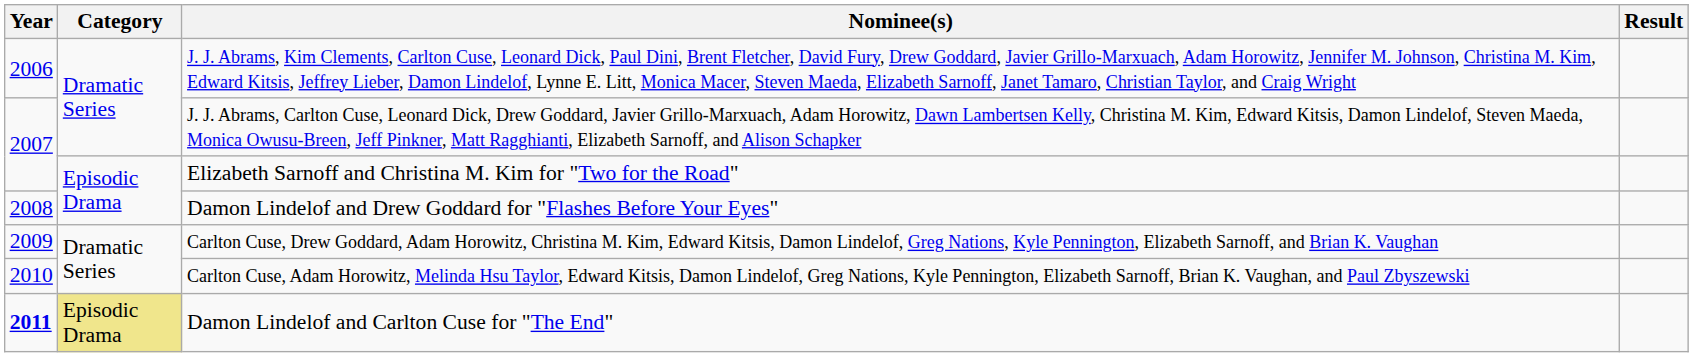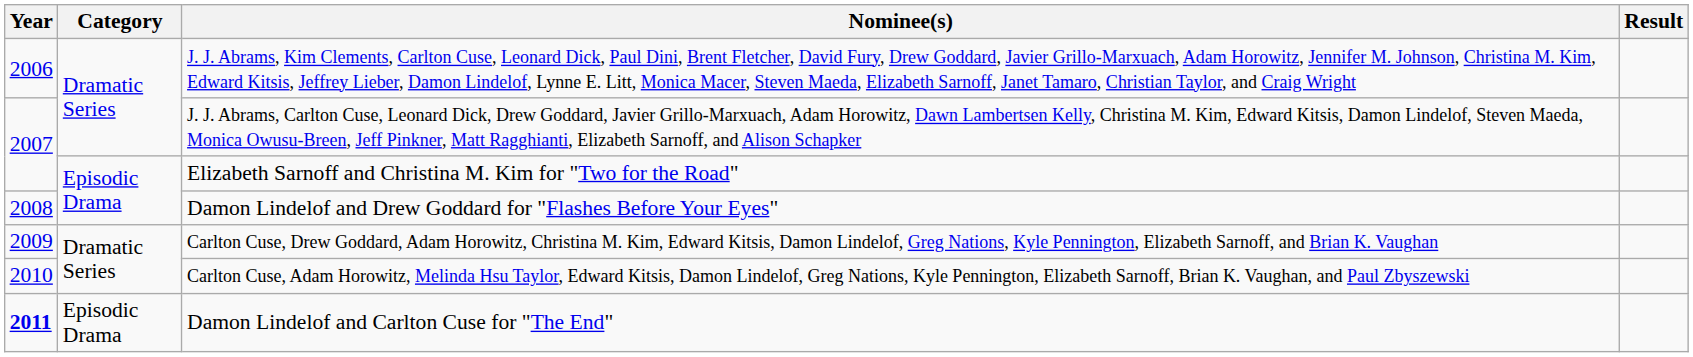 <table class="wikitable">
 <tr>
 <th>Year</th>
 <th>Category</th>
 <th>Nominee(s)</th>
 <th>Result</th>
 </tr>
 <tr>
 <td><a href='#'>2006</a></td>
 <td rowspan=2><a href='#'>Dramatic Series</a></td>
 <td><small><a href='#'>J. J. Abrams</a>, <a href='#'>Kim Clements</a>, <a href='#'>Carlton Cuse</a>, <a href='#'>Leonard Dick</a>, <a href='#'>Paul Dini</a>, <a href='#'>Brent Fletcher</a>, <a href='#'>David Fury</a>, <a href='#'>Drew Goddard</a>, <a href='#'>Javier Grillo-Marxuach</a>, <a href='#'>Adam Horowitz</a>, <a href='#'>Jennifer M. Johnson</a>, <a href='#'>Christina M. Kim</a>, <a href='#'>Edward Kitsis</a>, <a href='#'>Jeffrey Lieber</a>, <a href='#'>Damon Lindelof</a>, Lynne E. Litt, <a href='#'>Monica Macer</a>, <a href='#'>Steven Maeda</a>, <a href='#'>Elizabeth Sarnoff</a>, <a href='#'>Janet Tamaro</a>, <a href='#'>Christian Taylor</a>, and <a href='#'>Craig Wright</a></small></td>
 <td></td>
 </tr>
 <tr>
 <td rowspan=2><a href='#'>2007</a></td>
 <td><small>J. J. Abrams, Carlton Cuse, Leonard Dick, Drew Goddard, Javier Grillo-Marxuach, Adam Horowitz, <a href='#'>Dawn Lambertsen Kelly</a>, Christina M. Kim, Edward Kitsis, Damon Lindelof, Steven Maeda, <a href='#'>Monica Owusu-Breen</a>, <a href='#'>Jeff Pinkner</a>, <a href='#'>Matt Ragghianti</a>, Elizabeth Sarnoff, and <a href='#'>Alison Schapker</a></small></td>
 <td></td>
 </tr>
 <tr>
 <td rowspan=2><a href='#'>Episodic Drama</a></td>
 <td>Elizabeth Sarnoff and Christina M. Kim for "<a href='#'>Two for the Road</a>"</td>
 <td></td>
 </tr>
 <tr>
 <td><a href='#'>2008</a></td>
 <td>Damon Lindelof and Drew Goddard for "<a href='#'>Flashes Before Your Eyes</a>"</td>
 <td></td>
 </tr>
 <tr>
 <td><a href='#'>2009</a></td>
 <td rowspan=2>Dramatic Series</td>
 <td><small>Carlton Cuse, Drew Goddard, Adam Horowitz, Christina M. Kim, Edward Kitsis, Damon Lindelof, <a href='#'>Greg Nations</a>, <a href='#'>Kyle Pennington</a>, Elizabeth Sarnoff, and <a href='#'>Brian K. Vaughan</a></small></td>
 <td></td>
 </tr>
 <tr>
 <td><a href='#'>2010</a></td>
 <td><small>Carlton Cuse, Adam Horowitz, <a href='#'>Melinda Hsu Taylor</a>, Edward Kitsis, Damon Lindelof, Greg Nations, Kyle Pennington, Elizabeth Sarnoff, Brian K. Vaughan, and <a href='#'>Paul Zbyszewski</a></small></td>
 <td></td>
 </tr>
 <tr>
 <td><strong><a href='#'>2011</a></strong></td>
-<td style="background: khaki;">Episodic Drama</td>
+<td>Episodic Drama</td>
 <td>Damon Lindelof and Carlton Cuse for "<a href='#'>The End</a>"</td>
 <td></td>
 </tr>
 </table>
